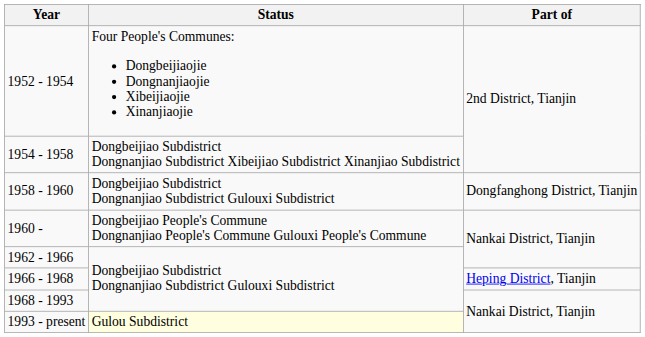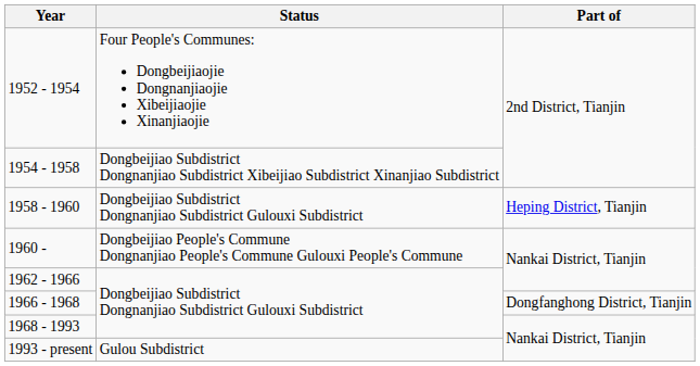 <table class="wikitable">
 <tr>
 <th>Year</th>
 <th>Status</th>
 <th>Part of</th>
 </tr>
 <tr>
 <td>1952 - 1954</td>
 <td>Four People's Communes:<br><ul><li>Dongbeijiaojie</li><li>Dongnanjiaojie</li><li>Xibeijiaojie</li><li>Xinanjiaojie</li></ul></td>
 <td rowspan="2">2nd District, Tianjin</td>
 </tr>
 <tr>
 <td>1954 - 1958</td>
 <td>Dongbeijiao Subdistrict<br>Dongnanjiao Subdistrict Xibeijiao Subdistrict Xinanjiao Subdistrict</td>
 </tr>
 <tr>
 <td>1958 - 1960</td>
 <td>Dongbeijiao Subdistrict<br>Dongnanjiao Subdistrict Gulouxi Subdistrict</td>
-<td>Dongfanghong District, Tianjin</td>
+<td><a href='#'>Heping District</a>, Tianjin</td>
 </tr>
 <tr>
 <td>1960 -</td>
 <td>Dongbeijiao People's Commune<br>Dongnanjiao People's Commune Gulouxi People's Commune</td>
 <td rowspan="2">Nankai District, Tianjin</td>
 </tr>
 <tr>
 <td>1962 - 1966</td>
 <td rowspan="3">Dongbeijiao Subdistrict<br>Dongnanjiao Subdistrict Gulouxi Subdistrict</td>
 </tr>
 <tr>
 <td>1966 - 1968</td>
-<td><a href='#'>Heping District</a>, Tianjin</td>
+<td>Dongfanghong District, Tianjin</td>
 </tr>
 <tr>
 <td>1968 - 1993</td>
 <td rowspan="2">Nankai District, Tianjin</td>
 </tr>
 <tr>
 <td>1993 - present</td>
-<td style="background: lightyellow;">Gulou Subdistrict</td>
+<td>Gulou Subdistrict</td>
 </tr>
 </table>
